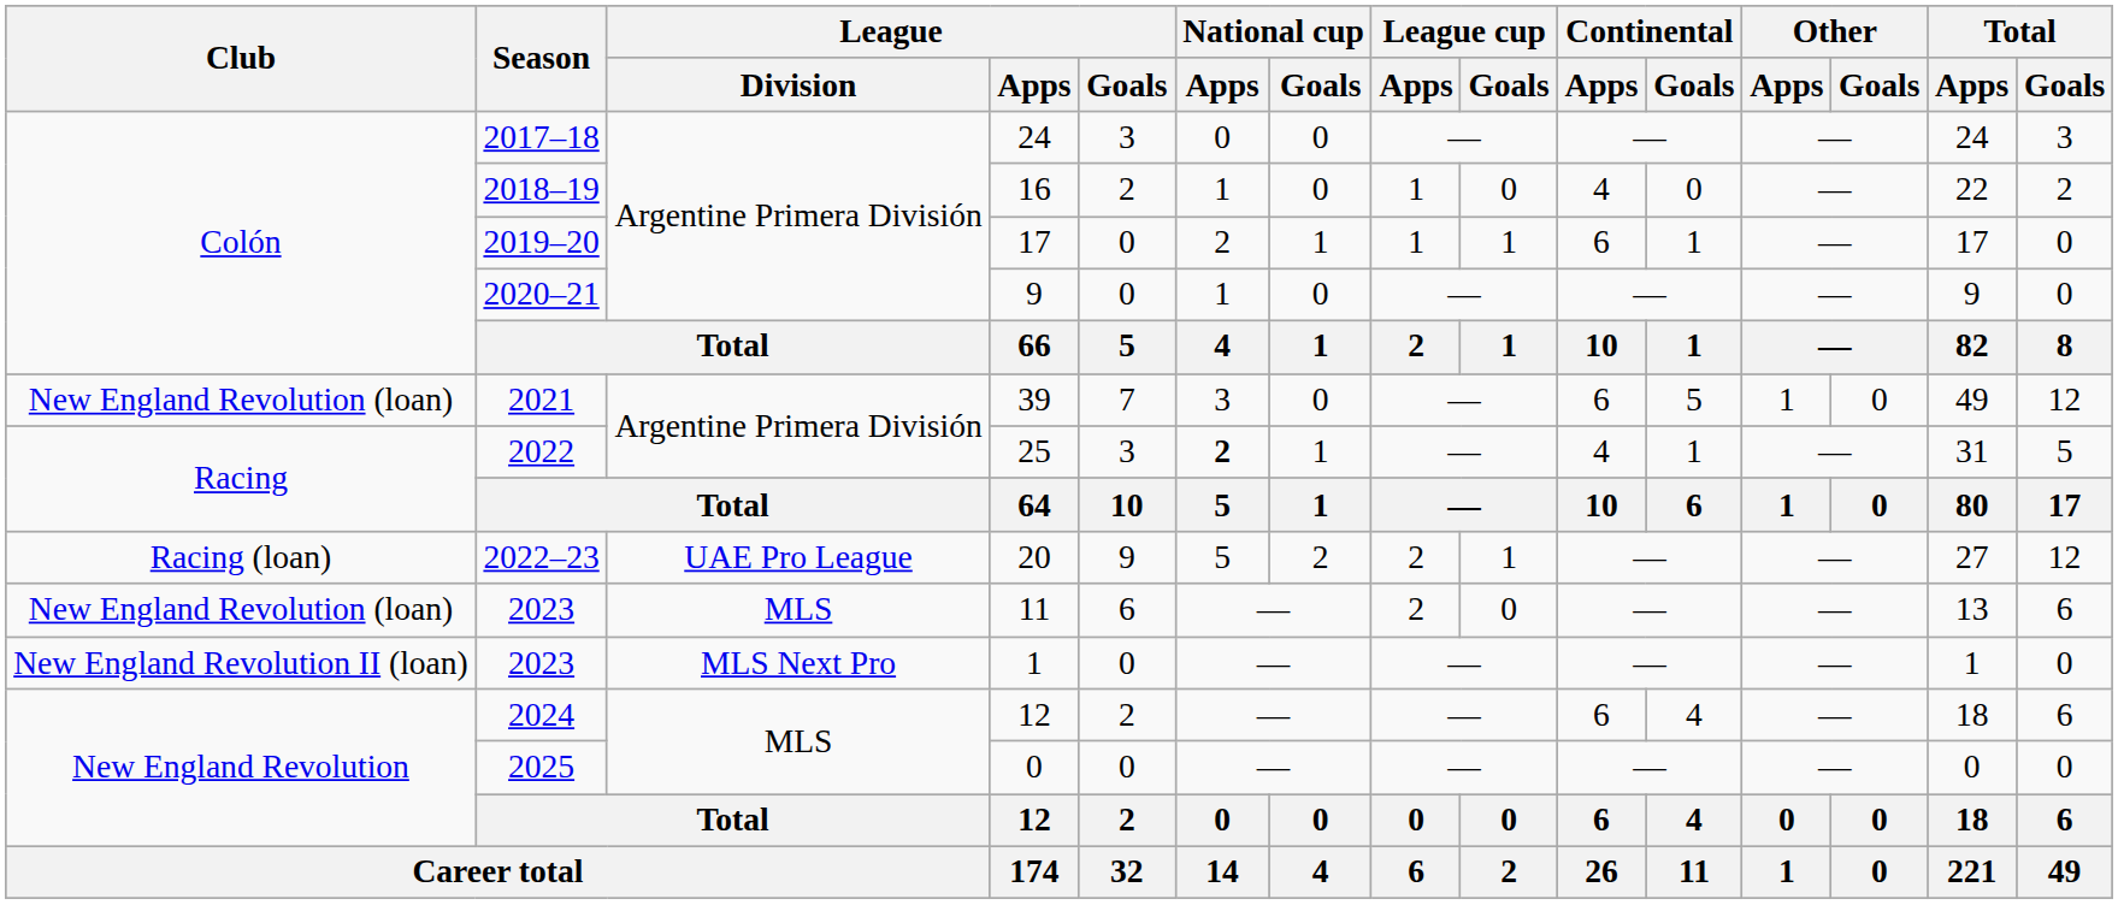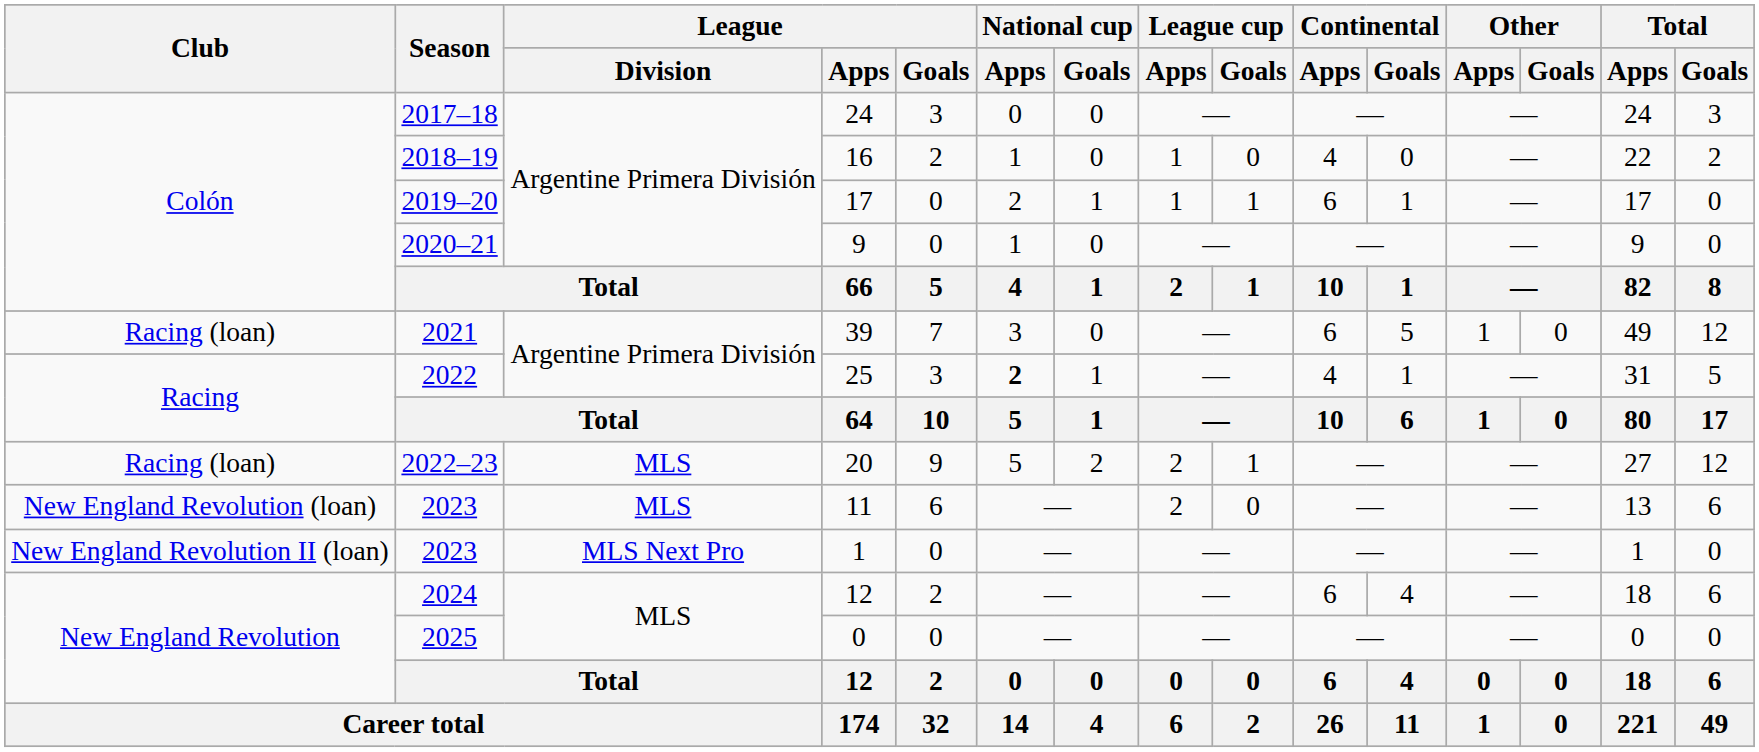 <table class="wikitable" style="text-align:center">
 <tr>
 <th rowspan="2">Club</th>
 <th rowspan="2">Season</th>
 <th colspan="3">League</th>
 <th colspan="2">National cup</th>
 <th colspan="2">League cup</th>
 <th colspan="2">Continental</th>
 <th colspan="2">Other</th>
 <th colspan="2">Total</th>
 </tr>
 <tr>
 <th>Division</th>
 <th>Apps</th>
 <th>Goals</th>
 <th>Apps</th>
 <th>Goals</th>
 <th>Apps</th>
 <th>Goals</th>
 <th>Apps</th>
 <th>Goals</th>
 <th>Apps</th>
 <th>Goals</th>
 <th>Apps</th>
 <th>Goals</th>
 </tr>
 <tr>
 <td rowspan="5"><a href='#'>Colón</a></td>
 <td><a href='#'>2017–18</a></td>
 <td rowspan="4">Argentine Primera División</td>
 <td>24</td>
 <td>3</td>
 <td>0</td>
 <td>0</td>
 <td colspan="2">—</td>
 <td colspan="2">—</td>
 <td colspan="2">—</td>
 <td>24</td>
 <td>3</td>
 </tr>
 <tr>
 <td><a href='#'>2018–19</a></td>
 <td>16</td>
 <td>2</td>
 <td>1</td>
 <td>0</td>
 <td>1</td>
 <td>0</td>
 <td>4</td>
 <td>0</td>
 <td colspan="2">—</td>
 <td>22</td>
 <td>2</td>
 </tr>
 <tr>
 <td><a href='#'>2019–20</a></td>
 <td>17</td>
 <td>0</td>
 <td>2</td>
 <td>1</td>
 <td>1</td>
 <td>1</td>
 <td>6</td>
 <td>1</td>
 <td colspan="2">—</td>
 <td>17</td>
 <td>0</td>
 </tr>
 <tr>
 <td><a href='#'>2020–21</a></td>
 <td>9</td>
 <td>0</td>
 <td>1</td>
 <td>0</td>
 <td colspan="2">—</td>
 <td colspan="2">—</td>
 <td colspan="2">—</td>
 <td>9</td>
 <td>0</td>
 </tr>
 <tr>
 <th colspan="2">Total</th>
 <th>66</th>
 <th>5</th>
 <th>4</th>
 <th>1</th>
 <th>2</th>
 <th>1</th>
 <th>10</th>
 <th>1</th>
 <th colspan="2">—</th>
 <th>82</th>
 <th>8</th>
 </tr>
 <tr>
-<td><a href='#'>New England Revolution</a> (loan)</td>
+<td><a href='#'>Racing</a> (loan)</td>
 <td><a href='#'>2021</a></td>
 <td rowspan="2">Argentine Primera División</td>
 <td>39</td>
 <td>7</td>
 <td>3</td>
 <td>0</td>
 <td colspan="2">—</td>
 <td>6</td>
 <td>5</td>
 <td>1</td>
 <td>0</td>
 <td>49</td>
 <td>12</td>
 </tr>
 <tr>
 <td rowspan="2"><a href='#'>Racing</a></td>
 <td><a href='#'>2022</a></td>
 <td>25</td>
 <td>3</td>
 <td><strong>2</strong></td>
 <td>1</td>
 <td colspan="2">—</td>
 <td>4</td>
 <td>1</td>
 <td colspan="2">—</td>
 <td>31</td>
 <td>5</td>
 </tr>
 <tr>
 <th colspan="2">Total</th>
 <th>64</th>
 <th>10</th>
 <th>5</th>
 <th>1</th>
 <th colspan="2">—</th>
 <th>10</th>
 <th>6</th>
 <th>1</th>
 <th>0</th>
 <th>80</th>
 <th>17</th>
 </tr>
 <tr>
 <td><a href='#'>Racing</a> (loan)</td>
 <td><a href='#'>2022–23</a></td>
-<td><a href='#'>UAE Pro League</a></td>
+<td><a href='#'>MLS</a></td>
 <td>20</td>
 <td>9</td>
 <td>5</td>
 <td>2</td>
 <td>2</td>
 <td>1</td>
 <td colspan="2">—</td>
 <td colspan="2">—</td>
 <td>27</td>
 <td>12</td>
 </tr>
 <tr>
 <td><a href='#'>New England Revolution</a> (loan)</td>
 <td><a href='#'>2023</a></td>
 <td><a href='#'>MLS</a></td>
 <td>11</td>
 <td>6</td>
 <td colspan="2">—</td>
 <td>2</td>
 <td>0</td>
 <td colspan="2">—</td>
 <td colspan="2">—</td>
 <td>13</td>
 <td>6</td>
 </tr>
 <tr>
 <td><a href='#'>New England Revolution II</a> (loan)</td>
 <td><a href='#'>2023</a></td>
 <td><a href='#'>MLS Next Pro</a></td>
 <td>1</td>
 <td>0</td>
 <td colspan="2">—</td>
 <td colspan="2">—</td>
 <td colspan="2">—</td>
 <td colspan="2">—</td>
 <td>1</td>
 <td>0</td>
 </tr>
 <tr>
 <td rowspan="3"><a href='#'>New England Revolution</a></td>
 <td><a href='#'>2024</a></td>
 <td rowspan="2">MLS</td>
 <td>12</td>
 <td>2</td>
 <td colspan="2">—</td>
 <td colspan="2">—</td>
 <td>6</td>
 <td>4</td>
 <td colspan="2">—</td>
 <td>18</td>
 <td>6</td>
 </tr>
 <tr>
 <td><a href='#'>2025</a></td>
 <td>0</td>
 <td>0</td>
 <td colspan="2">—</td>
 <td colspan="2">—</td>
 <td colspan="2">—</td>
 <td colspan="2">—</td>
 <td>0</td>
 <td>0</td>
 </tr>
 <tr>
 <th colspan="2">Total</th>
 <th>12</th>
 <th>2</th>
 <th>0</th>
 <th>0</th>
 <th>0</th>
 <th>0</th>
 <th>6</th>
 <th>4</th>
 <th>0</th>
 <th>0</th>
 <th>18</th>
 <th>6</th>
 </tr>
 <tr>
 <th colspan="3">Career total</th>
 <th>174</th>
 <th>32</th>
 <th>14</th>
 <th>4</th>
 <th>6</th>
 <th>2</th>
 <th>26</th>
 <th>11</th>
 <th>1</th>
 <th>0</th>
 <th>221</th>
 <th>49</th>
 </tr>
 </table>
